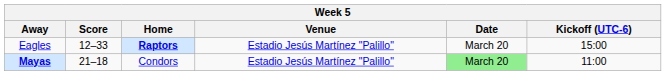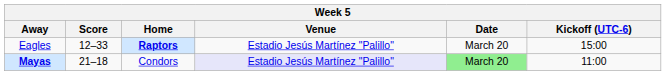 <table class="wikitable mw-collapsible mw-collapsed" style="width:80%;">
 <tr>
 <th colspan="8">Week 5</th>
 </tr>
 <tr>
 <th>Away</th>
 <th>Score</th>
 <th>Home</th>
 <th>Venue</th>
 <th>Date</th>
 <th>Kickoff (<a href='#'>UTC-6</a>)</th>
 </tr>
 <tr align="center">
 <td><a href='#'>Eagles</a></td>
 <td>12–33</td>
 <td bgcolor="#D0E7FF"><strong><a href='#'>Raptors</a></strong></td>
 <td><a href='#'>Estadio Jesús Martínez "Palillo"</a></td>
 <td>March 20</td>
 <td>15:00</td>
 </tr>
 <tr align="center">
 <td bgcolor="#D0E7FF"><strong><a href='#'>Mayas</a></strong></td>
 <td>21–18</td>
 <td><a href='#'>Condors</a></td>
-<td><a href='#'>Estadio Jesús Martínez "Palillo"</a></td>
+<td style="background: lavender;"><a href='#'>Estadio Jesús Martínez "Palillo"</a></td>
 <td style="background: lightgreen;">March 20</td>
 <td>11:00</td>
 </tr>
 </table>
